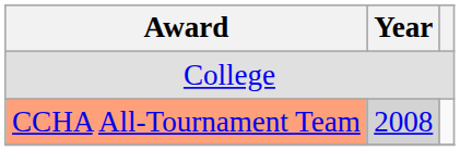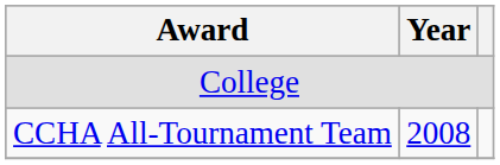 <table class="wikitable">
 <tr>
 <th>Award</th>
 <th>Year</th>
 <th></th>
 </tr>
 <tr ALIGN="center" bgcolor="#e0e0e0">
 <td colspan="3"><a href='#'>College</a></td>
 </tr>
 <tr>
-<td style="background: lightsalmon;"><a href='#'>CCHA</a> <a href='#'>All-Tournament Team</a></td>
-<td style="background: lightgrey;"><a href='#'>2008</a></td>
+<td><a href='#'>CCHA</a> <a href='#'>All-Tournament Team</a></td>
+<td><a href='#'>2008</a></td>
 <td></td>
 </tr>
 <tr>
 </tr>
 </table>
